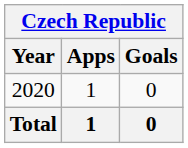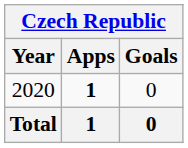 <table class="wikitable" style="text-align:center">
 <tr>
 <th colspan=3><a href='#'>Czech Republic</a></th>
 </tr>
 <tr>
 <th>Year</th>
 <th>Apps</th>
 <th>Goals</th>
 </tr>
 <tr>
 <td>2020</td>
-<td>1</td>
+<td><strong>1</strong></td>
 <td>0</td>
 </tr>
 <tr>
 <th>Total</th>
 <th>1</th>
 <th>0</th>
 </tr>
 </table>
